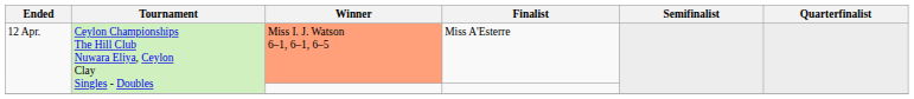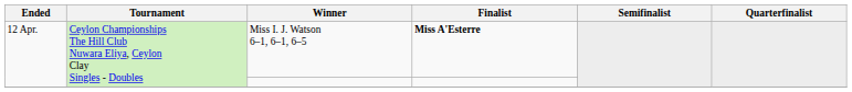 <table class="wikitable" style="font-size:85%;">
 <tr>
 <th width="75">Ended</th>
 <th width="230">Tournament</th>
 <th width="210">Winner</th>
 <th width="210">Finalist</th>
 <th width="170">Semifinalist</th>
 <th width="170">Quarterfinalist</th>
 </tr>
 <tr valign=top>
 <td rowspan=2>12 Apr.</td>
 <td style="background:#d0f0c0" rowspan=2><a href='#'>Ceylon Championships</a><br><a href='#'>The Hill Club</a><br><a href='#'>Nuwara Eliya</a>, <a href='#'>Ceylon</a><br>Clay<br><a href='#'>Singles</a> - <a href='#'>Doubles</a></td>
-<td style="background: lightsalmon;"> Miss I. J. Watson<br>6–1, 6–1, 6–5</td>
-<td> Miss A'Esterre</td>
+<td> Miss I. J. Watson<br>6–1, 6–1, 6–5</td>
+<td><strong> Miss A'Esterre</strong></td>
 <td style="background:#ededed;" rowspan=2></td>
 <td style="background:#ededed;" rowspan=2></td>
 </tr>
 <tr valign=top>
 <td></td>
 <td></td>
 </tr>
 <tr valign=top>
 </tr>
 </table>
